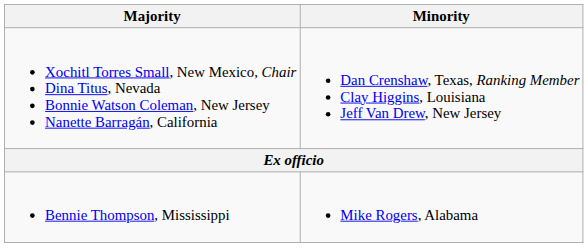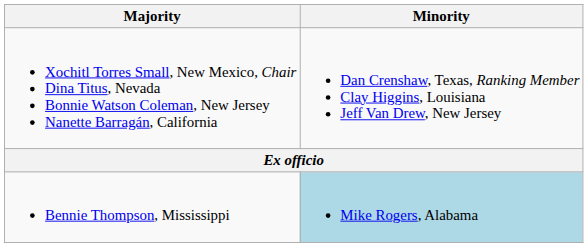 <table class=wikitable>
 <tr>
 <th>Majority</th>
 <th>Minority</th>
 </tr>
 <tr>
 <td><br><ul><li><a href='#'>Xochitl Torres Small</a>, New Mexico, <em>Chair</em></li><li><a href='#'>Dina Titus</a>, Nevada</li><li><a href='#'>Bonnie Watson Coleman</a>, New Jersey</li><li><a href='#'>Nanette Barragán</a>, California</li></ul></td>
 <td><br><ul><li><a href='#'>Dan Crenshaw</a>, Texas, <em>Ranking Member</em></li><li><a href='#'>Clay Higgins</a>, Louisiana</li><li><a href='#'>Jeff Van Drew</a>, New Jersey</li></ul></td>
 </tr>
 <tr>
 <th colspan=2><em>Ex officio</em></th>
 </tr>
 <tr>
 <td><br><ul><li><a href='#'>Bennie Thompson</a>, Mississippi</li></ul></td>
-<td><br><ul><li><a href='#'>Mike Rogers</a>, Alabama</li></ul></td>
+<td style="background: lightblue;"><br><ul><li><a href='#'>Mike Rogers</a>, Alabama</li></ul></td>
 </tr>
 </table>
